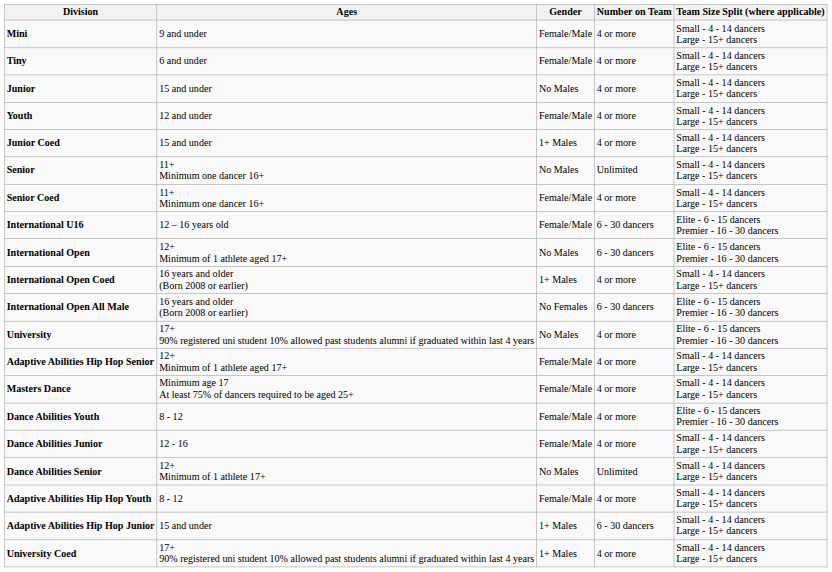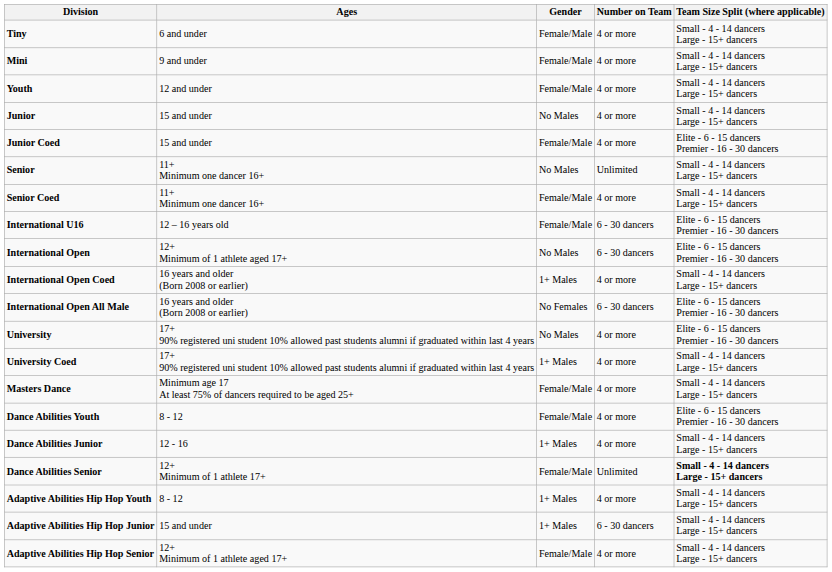 <table class="wikitable">
 <tr>
 <th>Division</th>
 <th>Ages</th>
 <th>Gender</th>
 <th>Number on Team</th>
 <th>Team Size Split (where applicable)</th>
 </tr>
 <tr>
+<td><strong>Tiny</strong></td>
+<td>6 and under</td>
+<td>Female/Male</td>
+<td>4 or more</td>
+<td>Small - 4 - 14 dancers<br>Large - 15+ dancers</td>
+</tr>
+<tr>
 <td><strong>Mini</strong></td>
 <td>9 and under</td>
 <td>Female/Male</td>
 <td>4 or more</td>
 <td>Small - 4 - 14 dancers<br>Large - 15+ dancers</td>
 </tr>
 <tr>
-<td><strong>Tiny</strong></td>
-<td>6 and under</td>
+<td><strong>Youth</strong></td>
+<td>12 and under</td>
 <td>Female/Male</td>
 <td>4 or more</td>
 <td>Small - 4 - 14 dancers<br>Large - 15+ dancers</td>
 </tr>
 <tr>
 <td><strong>Junior</strong></td>
 <td>15 and under</td>
 <td>No Males</td>
 <td>4 or more</td>
 <td>Small - 4 - 14 dancers<br>Large - 15+ dancers</td>
 </tr>
 <tr>
-<td><strong>Youth</strong></td>
-<td>12 and under</td>
+<td><strong>Junior Coed</strong></td>
+<td>15 and under</td>
 <td>Female/Male</td>
 <td>4 or more</td>
-<td>Small - 4 - 14 dancers<br>Large - 15+ dancers</td>
-</tr>
-<tr>
-<td><strong>Junior Coed</strong></td>
-<td>15 and under</td>
-<td>1+ Males</td>
-<td>4 or more</td>
-<td>Small - 4 - 14 dancers<br>Large - 15+ dancers</td>
+<td>Elite - 6 - 15 dancers<br>Premier - 16 - 30 dancers</td>
 </tr>
 <tr>
 <td><strong>Senior</strong></td>
 <td>11+<br>Minimum one dancer 16+</td>
 <td>No Males</td>
 <td>Unlimited</td>
 <td>Small - 4 - 14 dancers<br>Large - 15+ dancers</td>
 </tr>
 <tr>
 <td><strong>Senior Coed</strong></td>
 <td>11+<br>Minimum one dancer 16+</td>
 <td>Female/Male</td>
 <td>4 or more</td>
 <td>Small - 4 - 14 dancers<br>Large - 15+ dancers</td>
 </tr>
 <tr>
 <td><strong>International U16</strong></td>
 <td>12 – 16 years old</td>
 <td>Female/Male</td>
 <td>6 - 30 dancers</td>
 <td>Elite - 6 - 15 dancers<br>Premier - 16 - 30 dancers</td>
 </tr>
 <tr>
 <td><strong>International Open</strong></td>
 <td>12+<br>Minimum of 1 athlete aged 17+</td>
 <td>No Males</td>
 <td>6 - 30 dancers</td>
 <td>Elite - 6 - 15 dancers<br>Premier - 16 - 30 dancers</td>
 </tr>
 <tr>
 <td><strong>International Open Coed</strong></td>
 <td>16 years and older<br>(Born 2008 or earlier)</td>
 <td>1+ Males</td>
 <td>4 or more</td>
 <td>Small - 4 - 14 dancers<br>Large - 15+ dancers</td>
 </tr>
 <tr>
 <td><strong>International Open All Male</strong></td>
 <td>16 years and older<br>(Born 2008 or earlier)</td>
 <td>No Females</td>
 <td>6 - 30 dancers</td>
 <td>Elite - 6 - 15 dancers<br>Premier - 16 - 30 dancers</td>
 </tr>
 <tr>
 <td><strong>University</strong></td>
 <td>17+<br>90% registered uni student  10% allowed past students alumni if graduated within last 4 years</td>
 <td>No Males</td>
 <td>4 or more</td>
 <td>Elite - 6 - 15 dancers<br>Premier - 16 - 30 dancers</td>
 </tr>
 <tr>
-<td><strong>Adaptive Abilities Hip Hop Senior</strong></td>
-<td>12+<br>Minimum of 1 athlete aged 17+</td>
-<td>Female/Male</td>
+<td><strong>University Coed</strong></td>
+<td>17+<br>90% registered uni student  10% allowed past students alumni if graduated within last 4 years</td>
+<td>1+ Males</td>
 <td>4 or more</td>
 <td>Small - 4 - 14 dancers<br>Large - 15+ dancers</td>
 </tr>
 <tr>
 <td><strong>Masters Dance</strong></td>
 <td>Minimum age 17<br>At least 75% of dancers required to be aged 25+</td>
 <td>Female/Male</td>
 <td>4 or more</td>
 <td>Small - 4 - 14 dancers<br>Large - 15+ dancers</td>
 </tr>
 <tr>
 <td><strong>Dance Abilities Youth</strong></td>
 <td>8 - 12</td>
 <td>Female/Male</td>
 <td>4 or more</td>
 <td>Elite - 6 - 15 dancers<br>Premier - 16 - 30 dancers</td>
 </tr>
 <tr>
 <td><strong>Dance Abilities Junior</strong></td>
 <td>12 - 16</td>
-<td>Female/Male</td>
+<td>1+ Males</td>
 <td>4 or more</td>
 <td>Small - 4 - 14 dancers<br>Large - 15+ dancers</td>
 </tr>
 <tr>
 <td><strong>Dance Abilities Senior</strong></td>
 <td>12+<br>Minimum of 1 athlete 17+</td>
-<td>No Males</td>
+<td>Female/Male</td>
 <td>Unlimited</td>
-<td>Small - 4 - 14 dancers<br>Large - 15+ dancers</td>
+<td><strong>Small - 4 - 14 dancers<br>Large - 15+ dancers</strong></td>
 </tr>
 <tr>
 <td><strong>Adaptive Abilities Hip Hop Youth</strong></td>
 <td>8 - 12</td>
-<td>Female/Male</td>
+<td>1+ Males</td>
 <td>4 or more</td>
 <td>Small - 4 - 14 dancers<br>Large - 15+ dancers</td>
 </tr>
 <tr>
 <td><strong>Adaptive Abilities Hip Hop Junior</strong></td>
 <td>15 and under</td>
 <td>1+ Males</td>
 <td>6 - 30 dancers</td>
 <td>Small - 4 - 14 dancers<br>Large - 15+ dancers</td>
 </tr>
 <tr>
-<td><strong>University Coed</strong></td>
-<td>17+<br>90% registered uni student  10% allowed past students alumni if graduated within last 4 years</td>
-<td>1+ Males</td>
+<td><strong>Adaptive Abilities Hip Hop Senior</strong></td>
+<td>12+<br>Minimum of 1 athlete aged 17+</td>
+<td>Female/Male</td>
 <td>4 or more</td>
 <td>Small - 4 - 14 dancers<br>Large - 15+ dancers</td>
 </tr>
 </table>
